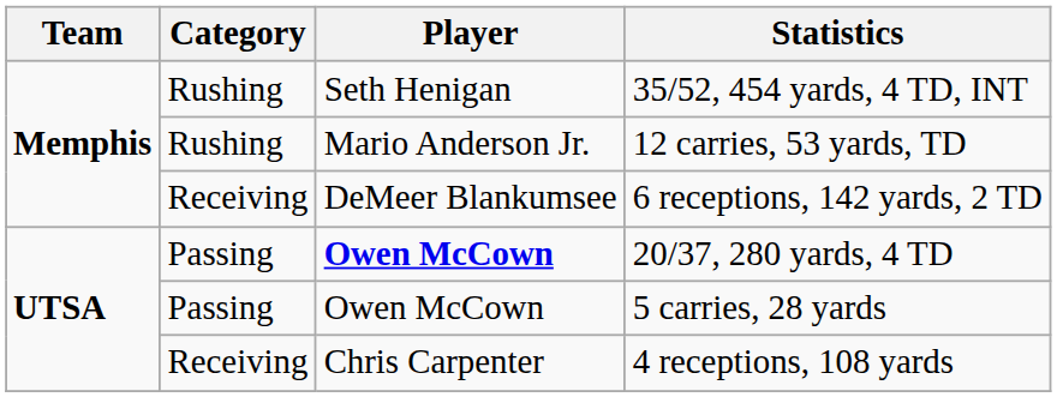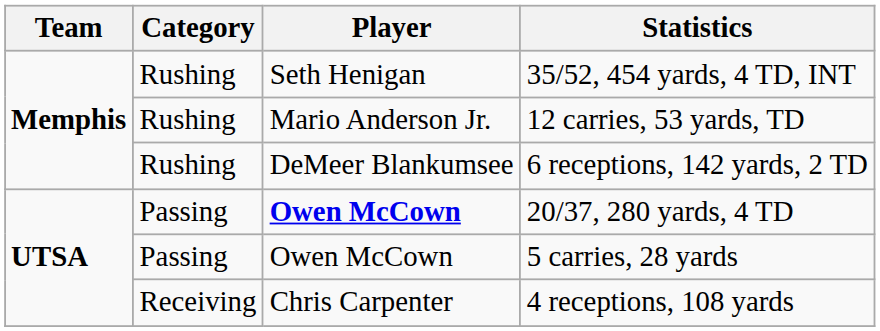 <table class="wikitable" style="float: right;">
 <tr>
 <th>Team</th>
 <th>Category</th>
 <th>Player</th>
 <th>Statistics</th>
 </tr>
 <tr>
 <td rowspan=3><strong>Memphis</strong></td>
 <td>Rushing</td>
 <td>Seth Henigan</td>
 <td>35/52, 454 yards, 4 TD, INT</td>
 </tr>
 <tr>
 <td>Rushing</td>
 <td>Mario Anderson Jr.</td>
 <td>12 carries, 53 yards, TD</td>
 </tr>
 <tr>
-<td>Receiving</td>
+<td>Rushing</td>
 <td>DeMeer Blankumsee</td>
 <td>6 receptions, 142 yards, 2 TD</td>
 </tr>
 <tr>
 <td rowspan=3><strong>UTSA</strong></td>
 <td>Passing</td>
 <td><strong><a href='#'>Owen McCown</a></strong></td>
 <td>20/37, 280 yards, 4 TD</td>
 </tr>
 <tr>
 <td>Passing</td>
 <td>Owen McCown</td>
 <td>5 carries, 28 yards</td>
 </tr>
 <tr>
 <td>Receiving</td>
 <td>Chris Carpenter</td>
 <td>4 receptions, 108 yards</td>
 </tr>
 </table>
